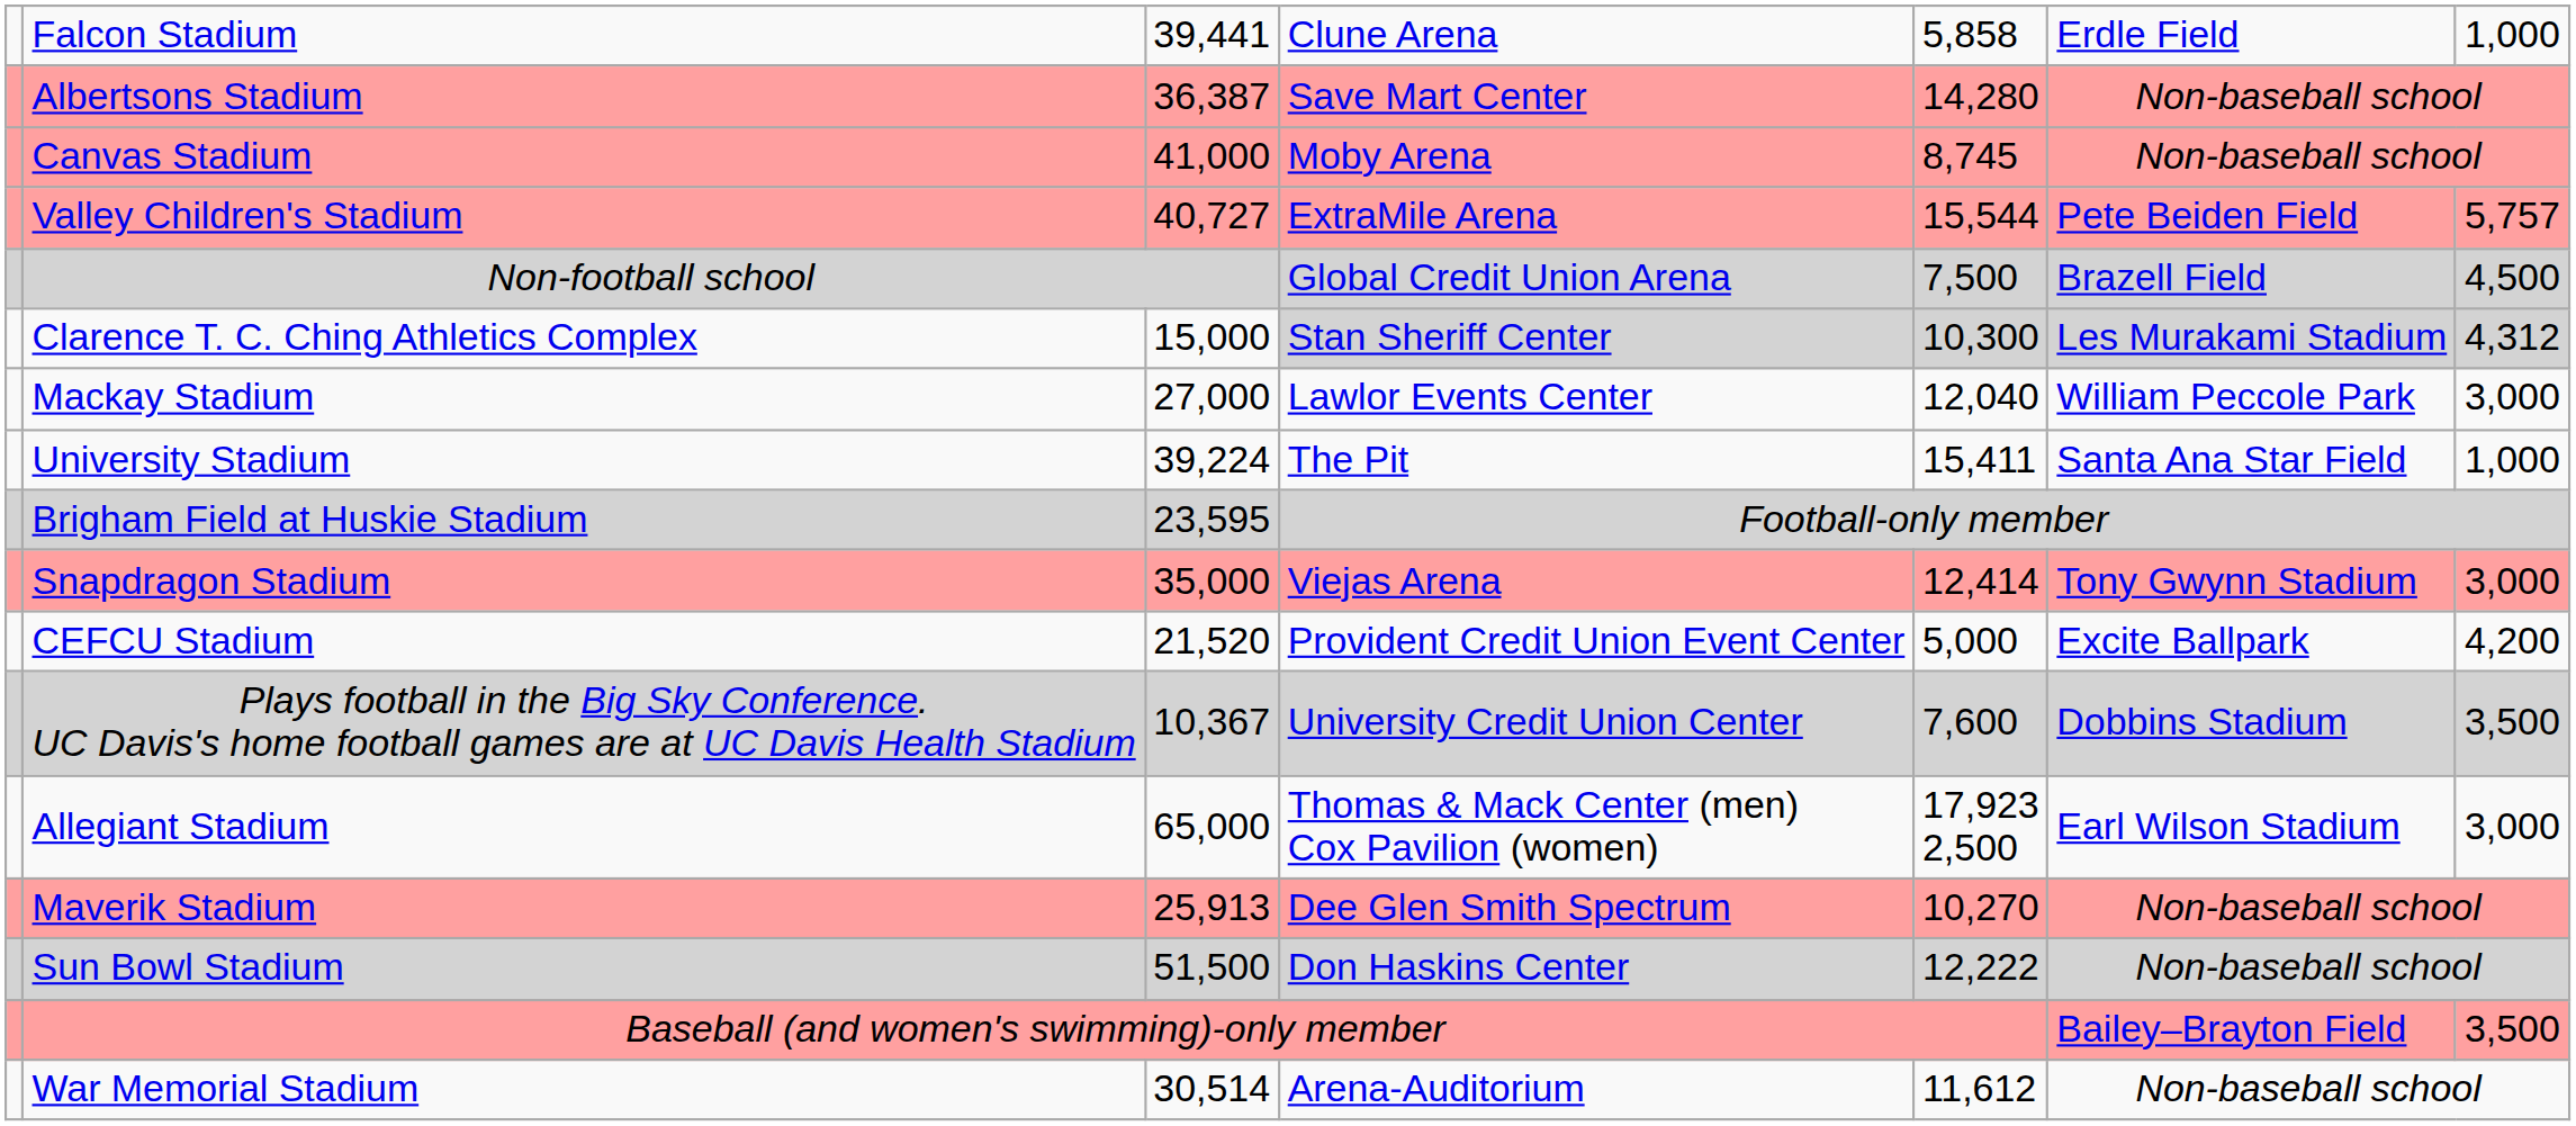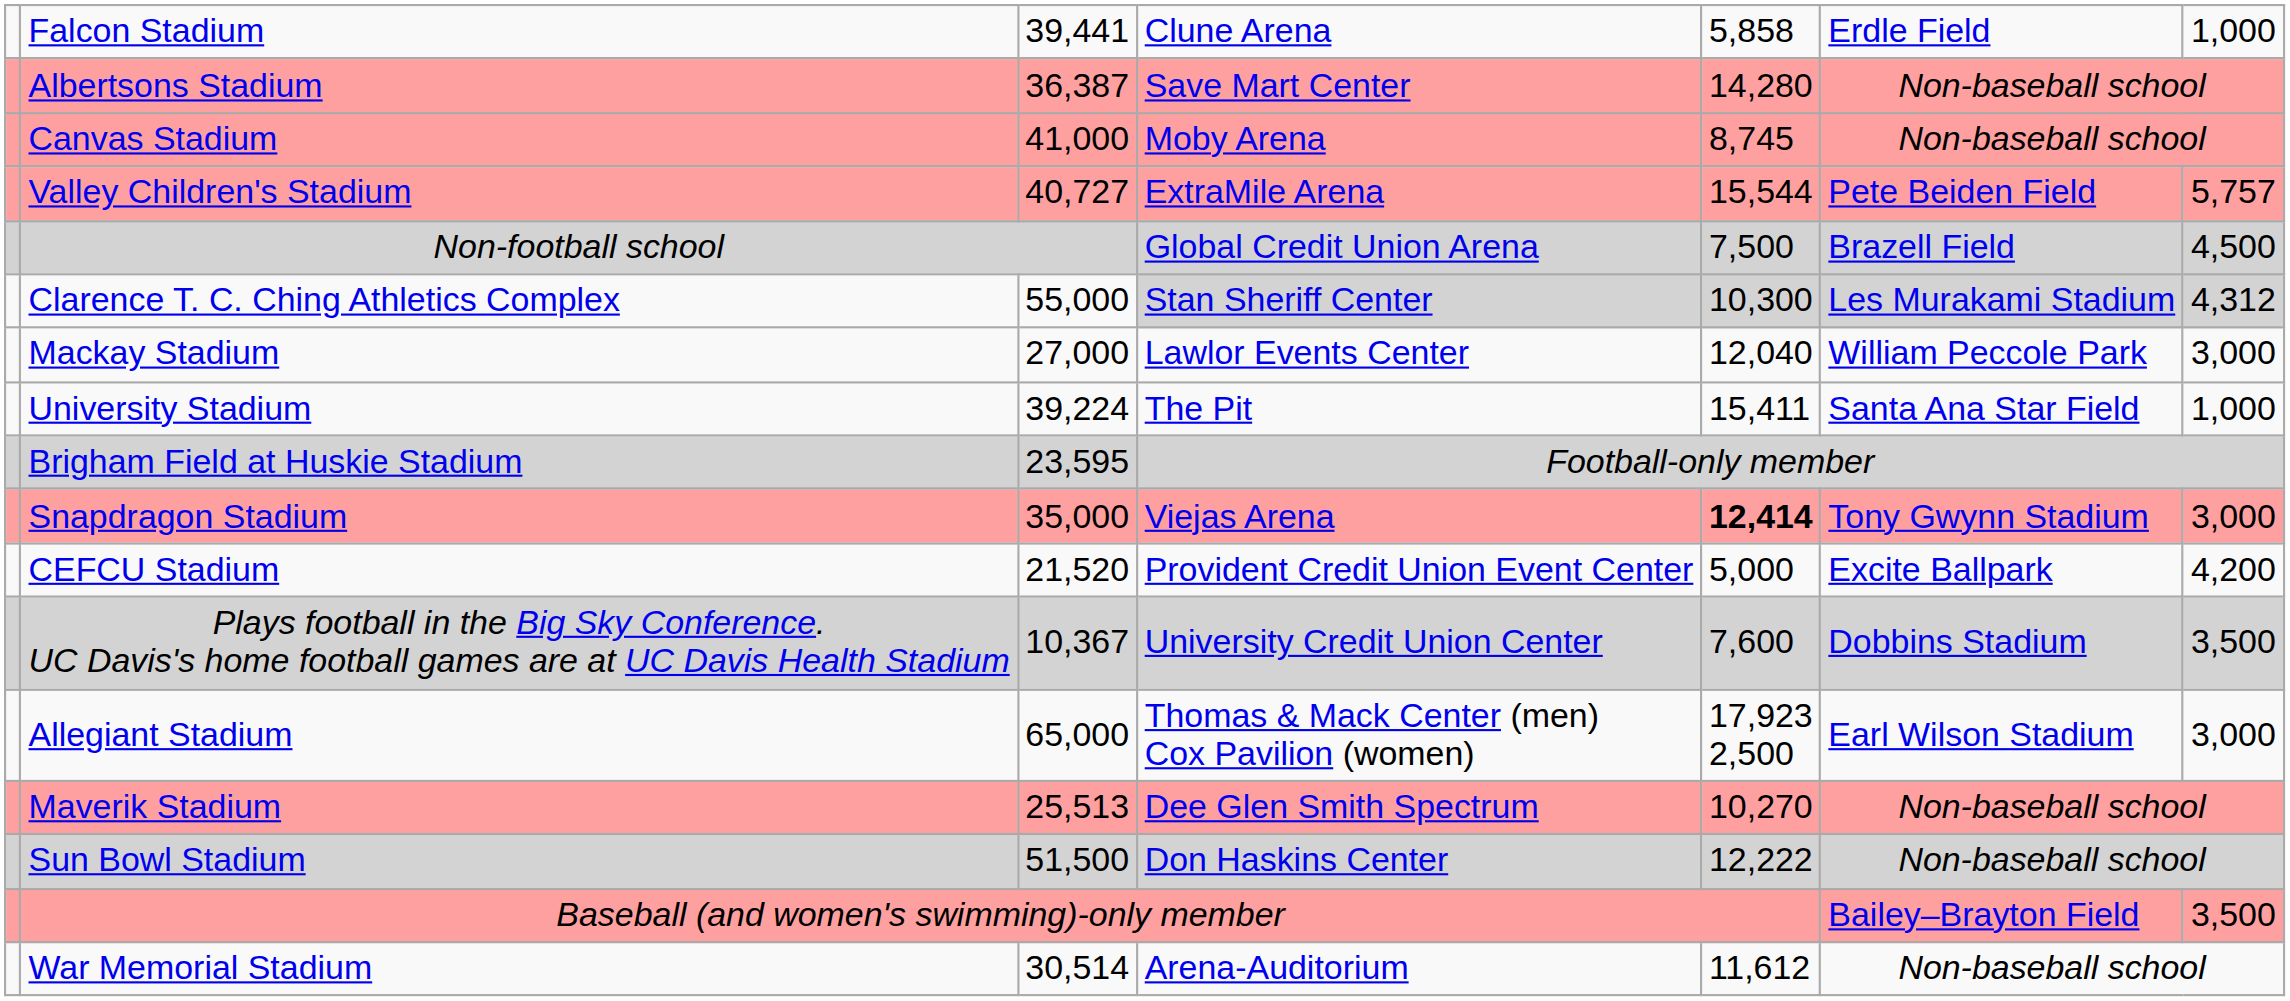 <table class="wikitable sortable">
 <tr>
 <td><a href='#'></a></td>
 <td><a href='#'>Falcon Stadium</a></td>
 <td>39,441</td>
 <td><a href='#'>Clune Arena</a></td>
 <td>5,858</td>
 <td><a href='#'>Erdle Field</a></td>
 <td>1,000</td>
 </tr>
 <tr bgcolor=#ffa0a0>
 <td><a href='#'></a></td>
 <td><a href='#'>Albertsons Stadium</a></td>
 <td>36,387</td>
 <td><a href='#'>Save Mart Center</a></td>
 <td>14,280</td>
 <td colspan=2 align=center><em>Non-baseball school</em></td>
 </tr>
 <tr bgcolor=#ffa0a0>
 <td><a href='#'></a></td>
 <td><a href='#'>Canvas Stadium</a></td>
 <td>41,000</td>
 <td><a href='#'>Moby Arena</a></td>
 <td>8,745</td>
 <td colspan=2 align=center><em>Non-baseball school</em></td>
 </tr>
 <tr bgcolor=#ffa0a0>
 <td><a href='#'></a></td>
 <td><a href='#'>Valley Children's Stadium</a></td>
 <td>40,727</td>
 <td><a href='#'>ExtraMile Arena</a></td>
 <td>15,544</td>
 <td><a href='#'>Pete Beiden Field</a></td>
 <td>5,757</td>
 </tr>
 <tr bgcolor=lightgray>
 <td><a href='#'></a></td>
 <td colspan=2 align=center><em>Non-football school</em></td>
 <td><a href='#'>Global Credit Union Arena</a></td>
 <td>7,500</td>
 <td><a href='#'>Brazell Field</a></td>
 <td>4,500</td>
 </tr>
 <tr>
 <td><a href='#'></a></td>
 <td><a href='#'>Clarence T. C. Ching Athletics Complex</a></td>
-<td>15,000</td>
+<td>55,000</td>
 <td bgcolor=lightgray><a href='#'>Stan Sheriff Center</a></td>
 <td bgcolor=lightgray>10,300</td>
 <td bgcolor=lightgray><a href='#'>Les Murakami Stadium</a></td>
 <td bgcolor=lightgray>4,312</td>
 </tr>
 <tr>
 <td><a href='#'></a></td>
 <td><a href='#'>Mackay Stadium</a></td>
 <td>27,000</td>
 <td><a href='#'>Lawlor Events Center</a></td>
 <td>12,040</td>
 <td><a href='#'>William Peccole Park</a></td>
 <td>3,000</td>
 </tr>
 <tr>
 <td><a href='#'></a></td>
 <td><a href='#'>University Stadium</a></td>
 <td>39,224</td>
 <td><a href='#'>The Pit</a></td>
 <td>15,411</td>
 <td><a href='#'>Santa Ana Star Field</a></td>
 <td>1,000</td>
 </tr>
 <tr bgcolor=lightgray>
 <td><a href='#'></a></td>
 <td><a href='#'>Brigham Field at Huskie Stadium</a></td>
 <td>23,595</td>
 <td colspan=4 align=center><em>Football-only member</em></td>
 </tr>
 <tr bgcolor=#ffa0a0>
 <td><a href='#'></a></td>
 <td><a href='#'>Snapdragon Stadium</a></td>
 <td>35,000</td>
 <td><a href='#'>Viejas Arena</a></td>
-<td>12,414</td>
+<td><strong>12,414</strong></td>
 <td><a href='#'>Tony Gwynn Stadium</a></td>
 <td>3,000</td>
 </tr>
 <tr>
 <td><a href='#'></a></td>
 <td><a href='#'>CEFCU Stadium</a></td>
 <td>21,520</td>
 <td><a href='#'>Provident Credit Union Event Center</a></td>
 <td>5,000</td>
 <td><a href='#'>Excite Ballpark</a></td>
 <td>4,200</td>
 </tr>
 <tr bgcolor=lightgray>
 <td><a href='#'></a></td>
 <td colspan="1" align=center><em>Plays football in the <a href='#'>Big Sky Conference</a>.<br>UC Davis's home football games are at <a href='#'>UC Davis Health Stadium</a></em></td>
 <td>10,367</td>
 <td><a href='#'>University Credit Union Center</a></td>
 <td>7,600</td>
 <td><a href='#'>Dobbins Stadium</a></td>
 <td>3,500</td>
 </tr>
 <tr>
 <td><a href='#'></a></td>
 <td><a href='#'>Allegiant Stadium</a></td>
 <td>65,000</td>
 <td nowrap><a href='#'>Thomas & Mack Center</a> (men)<br><a href='#'>Cox Pavilion</a> (women)</td>
 <td>17,923<br>2,500</td>
 <td><a href='#'>Earl Wilson Stadium</a></td>
 <td>3,000</td>
 </tr>
 <tr bgcolor=#ffa0a0>
 <td><a href='#'></a></td>
 <td><a href='#'>Maverik Stadium</a></td>
-<td>25,913</td>
+<td>25,513</td>
 <td><a href='#'>Dee Glen Smith Spectrum</a></td>
 <td>10,270</td>
 <td colspan=2 align=center><em>Non-baseball school</em></td>
 </tr>
 <tr bgcolor=lightgray>
 <td><a href='#'></a></td>
 <td><a href='#'>Sun Bowl Stadium</a></td>
 <td>51,500</td>
 <td><a href='#'>Don Haskins Center</a></td>
 <td>12,222</td>
 <td colspan=2 align=center><em>Non-baseball school</em></td>
 </tr>
 <tr bgcolor=#ffa0a0>
 <td><a href='#'></a></td>
 <td colspan=4 align=center><em>Baseball (and women's swimming)-only member</em></td>
 <td><a href='#'>Bailey–Brayton Field</a></td>
 <td>3,500</td>
 </tr>
 <tr>
 <td><a href='#'></a></td>
 <td><a href='#'>War Memorial Stadium</a></td>
 <td>30,514</td>
 <td><a href='#'>Arena-Auditorium</a></td>
 <td>11,612</td>
 <td colspan=2 align=center><em>Non-baseball school</em></td>
 </tr>
 </table>
